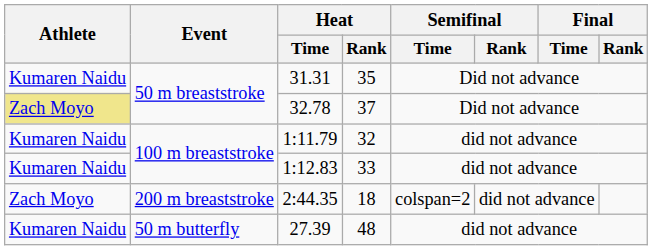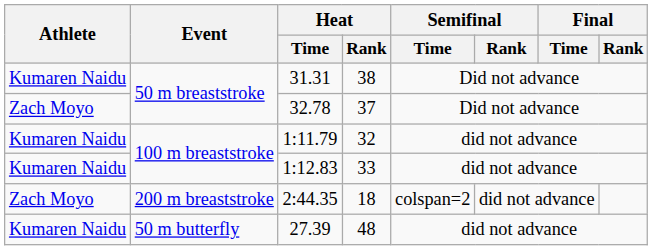 <table class=wikitable style="font-size:90%; text-align:center">
 <tr>
 <th rowspan=2>Athlete</th>
 <th rowspan=2>Event</th>
 <th colspan=2>Heat</th>
 <th colspan=2>Semifinal</th>
 <th colspan=2>Final</th>
 </tr>
 <tr style=font-size:95%>
 <th>Time</th>
 <th>Rank</th>
 <th>Time</th>
 <th>Rank</th>
 <th>Time</th>
 <th>Rank</th>
 </tr>
 <tr>
 <td align=left><a href='#'>Kumaren Naidu</a></td>
 <td align=left rowspan=2><a href='#'>50 m breaststroke</a></td>
 <td>31.31</td>
-<td>35</td>
+<td>38</td>
 <td colspan="4">Did not advance</td>
 </tr>
 <tr>
-<td align=left style="background: khaki;"><a href='#'>Zach Moyo</a></td>
+<td align=left><a href='#'>Zach Moyo</a></td>
 <td>32.78</td>
 <td>37</td>
 <td colspan="4">Did not advance</td>
 </tr>
 <tr>
 <td align=left><a href='#'>Kumaren Naidu</a></td>
 <td align=left rowspan=2><a href='#'>100 m breaststroke</a></td>
 <td>1:11.79</td>
 <td>32</td>
 <td colspan=4>did not advance</td>
 </tr>
 <tr>
 <td align=left><a href='#'>Kumaren Naidu</a></td>
 <td>1:12.83</td>
 <td>33</td>
 <td colspan=4>did not advance</td>
 </tr>
 <tr>
 <td align=left><a href='#'>Zach Moyo</a></td>
 <td align=left><a href='#'>200 m breaststroke</a></td>
 <td>2:44.35</td>
 <td>18</td>
 <td>colspan=2 </td>
 <td colspan=2>did not advance</td>
 </tr>
 <tr>
 <td align=left><a href='#'>Kumaren Naidu</a></td>
 <td align=left><a href='#'>50 m butterfly</a></td>
 <td>27.39</td>
 <td>48</td>
 <td colspan=4>did not advance</td>
 </tr>
 </table>
